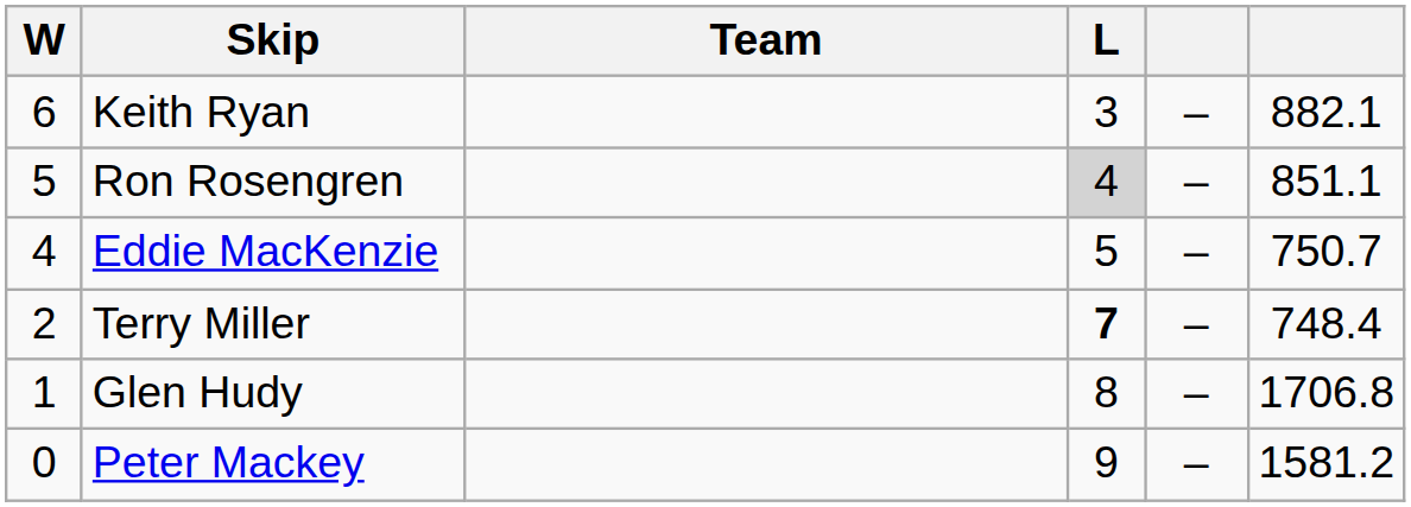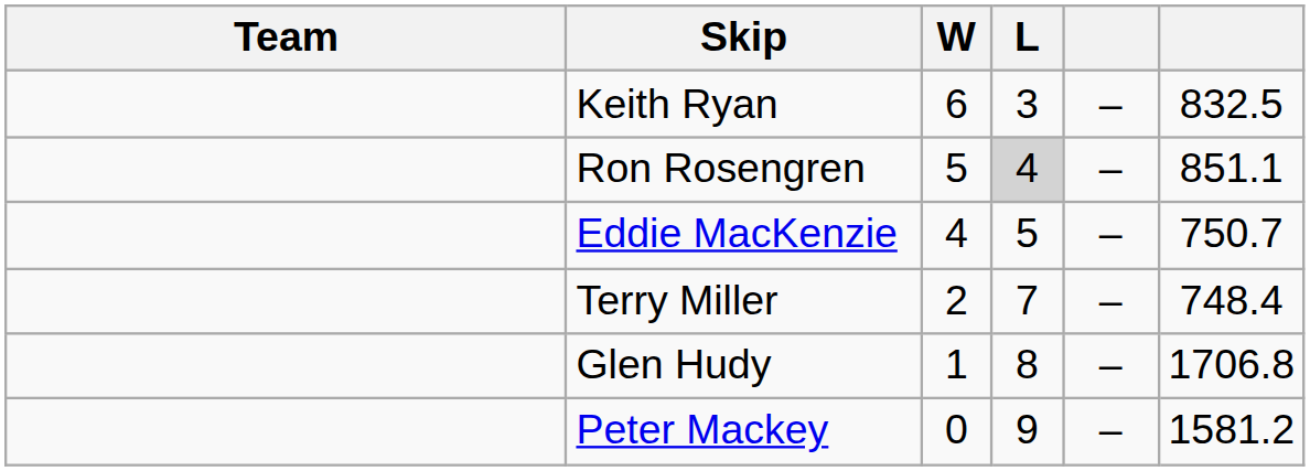 <table class="wikitable" style="text-align: center;">
 <tr>
+<th width=210>Team</th>
+<th width=130>Skip</th>
 <th width=20>W</th>
-<th width=130>Skip</th>
-<th width=210>Team</th>
 <th width=20>L</th>
 <th width=30></th>
 <th width=20></th>
 </tr>
 <tr>
+<td style="text-align:left;"></td>
+<td style="text-align:left;">Keith Ryan</td>
 <td>6</td>
-<td style="text-align:left;">Keith Ryan</td>
-<td style="text-align:left;"></td>
 <td>3</td>
 <td>–</td>
-<td>882.1</td>
+<td>832.5</td>
 </tr>
 <tr>
+<td style="text-align:left;"></td>
+<td style="text-align:left;">Ron Rosengren</td>
 <td>5</td>
-<td style="text-align:left;">Ron Rosengren</td>
-<td style="text-align:left;"></td>
 <td style="background: lightgrey;">4</td>
 <td>–</td>
 <td>851.1</td>
 </tr>
 <tr>
+<td style="text-align:left;"></td>
+<td style="text-align:left;"><a href='#'>Eddie MacKenzie</a></td>
 <td>4</td>
-<td style="text-align:left;"><a href='#'>Eddie MacKenzie</a></td>
-<td style="text-align:left;"></td>
 <td>5</td>
 <td>–</td>
 <td>750.7</td>
 </tr>
 <tr>
+<td style="text-align:left;"></td>
+<td style="text-align:left;">Terry Miller</td>
 <td>2</td>
-<td style="text-align:left;">Terry Miller</td>
-<td style="text-align:left;"></td>
-<td><strong>7</strong></td>
+<td>7</td>
 <td>–</td>
 <td>748.4</td>
 </tr>
 <tr>
+<td style="text-align:left;"></td>
+<td style="text-align:left;">Glen Hudy</td>
 <td>1</td>
-<td style="text-align:left;">Glen Hudy</td>
-<td style="text-align:left;"></td>
 <td>8</td>
 <td>–</td>
 <td>1706.8</td>
 </tr>
 <tr>
+<td style="text-align:left;"></td>
+<td style="text-align:left;"><a href='#'>Peter Mackey</a></td>
 <td>0</td>
-<td style="text-align:left;"><a href='#'>Peter Mackey</a></td>
-<td style="text-align:left;"></td>
 <td>9</td>
 <td>–</td>
 <td>1581.2</td>
 </tr>
 </table>
